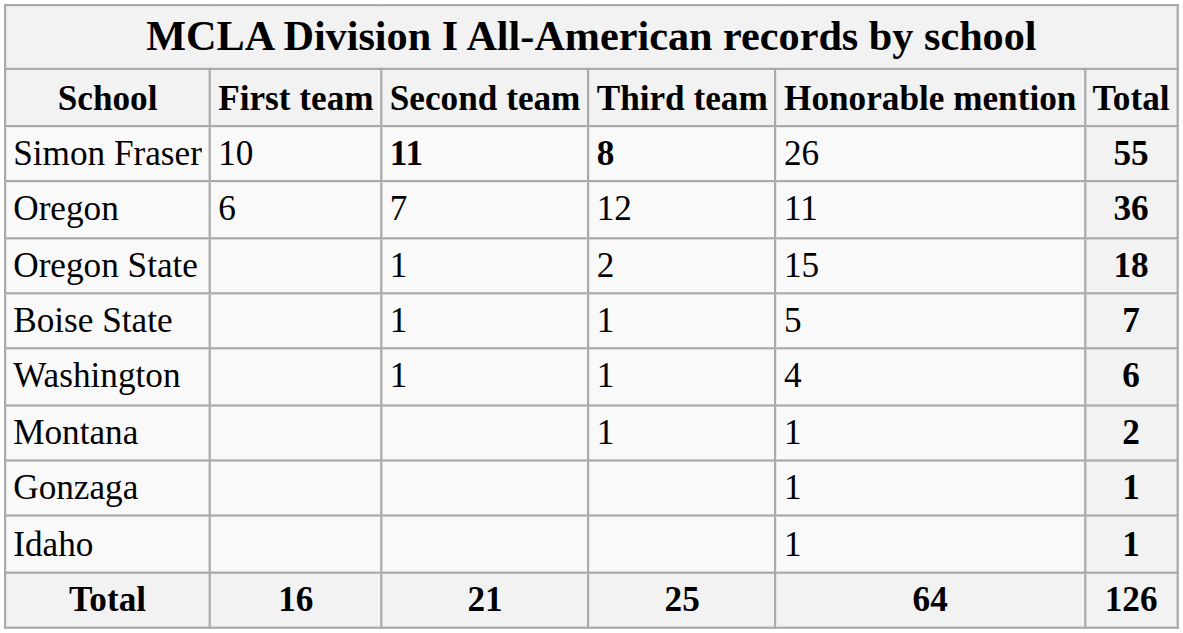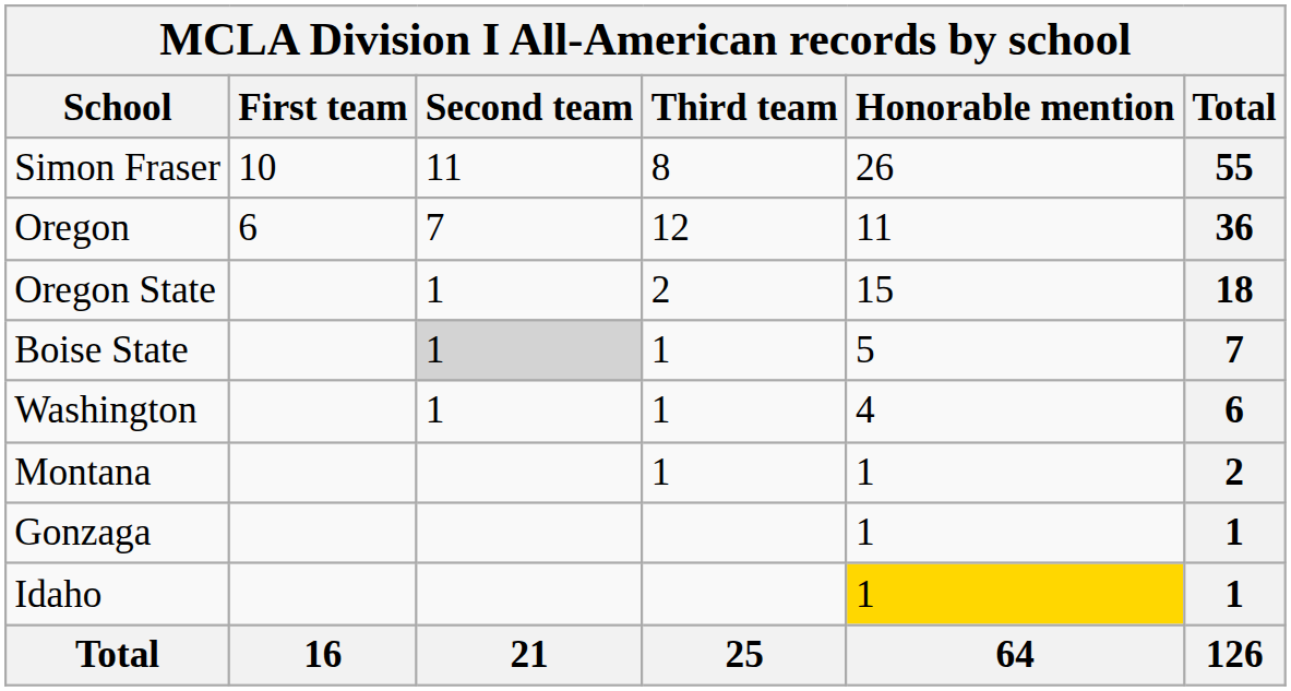 <table class="wikitable sortable mw-collapsible mw-collapsed">
 <tr>
 <th colspan="6"><big>MCLA Division I All-American records by school</big></th>
 </tr>
 <tr>
 <th>School</th>
 <th>First team</th>
 <th>Second team</th>
 <th>Third team</th>
 <th>Honorable mention</th>
 <th>Total</th>
 </tr>
 <tr>
 <td>Simon Fraser</td>
 <td>10</td>
-<td><strong>11</strong></td>
-<td><strong>8</strong></td>
+<td>11</td>
+<td>8</td>
 <td>26</td>
 <th>55</th>
 </tr>
 <tr>
 <td>Oregon</td>
 <td>6</td>
 <td>7</td>
 <td>12</td>
 <td>11</td>
 <th>36</th>
 </tr>
 <tr>
 <td>Oregon State</td>
 <td></td>
 <td>1</td>
 <td>2</td>
 <td>15</td>
 <th>18</th>
 </tr>
 <tr>
 <td>Boise State</td>
 <td></td>
-<td>1</td>
+<td style="background: lightgrey;">1</td>
 <td>1</td>
 <td>5</td>
 <th>7</th>
 </tr>
 <tr>
 <td>Washington</td>
 <td></td>
 <td>1</td>
 <td>1</td>
 <td>4</td>
 <th>6</th>
 </tr>
 <tr>
 <td>Montana</td>
 <td></td>
 <td></td>
 <td>1</td>
 <td>1</td>
 <th>2</th>
 </tr>
 <tr>
 <td>Gonzaga</td>
 <td></td>
 <td></td>
 <td></td>
 <td>1</td>
 <th>1</th>
 </tr>
 <tr>
 <td>Idaho</td>
 <td></td>
 <td></td>
 <td></td>
-<td>1</td>
+<td style="background: gold;">1</td>
 <th>1</th>
 </tr>
 <tr>
 <th>Total</th>
 <th>16</th>
 <th>21</th>
 <th>25</th>
 <th>64</th>
 <th>126</th>
 </tr>
 </table>
